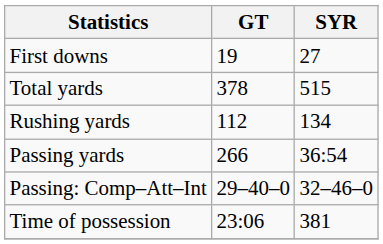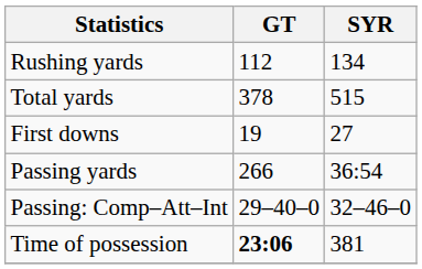 <table class="wikitable" style="float: left;">
 <tr>
 <th>Statistics</th>
 <th>GT</th>
 <th>SYR</th>
 </tr>
 <tr>
-<td>First downs</td>
-<td>19</td>
-<td>27</td>
+<td>Rushing yards</td>
+<td>112</td>
+<td>134</td>
 </tr>
 <tr>
 <td>Total yards</td>
 <td>378</td>
 <td>515</td>
 </tr>
 <tr>
-<td>Rushing yards</td>
-<td>112</td>
-<td>134</td>
+<td>First downs</td>
+<td>19</td>
+<td>27</td>
 </tr>
 <tr>
 <td>Passing yards</td>
 <td>266</td>
 <td>36:54</td>
 </tr>
 <tr>
 <td>Passing: Comp–Att–Int</td>
 <td>29–40–0</td>
 <td>32–46–0</td>
 </tr>
 <tr>
 <td>Time of possession</td>
-<td>23:06</td>
+<td><strong>23:06</strong></td>
 <td>381</td>
 </tr>
 <tr>
 </tr>
 </table>
